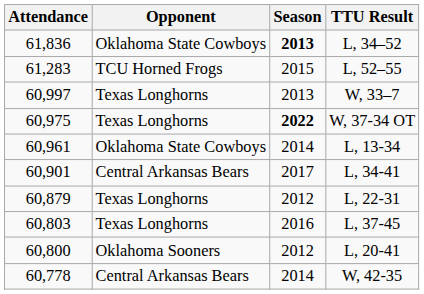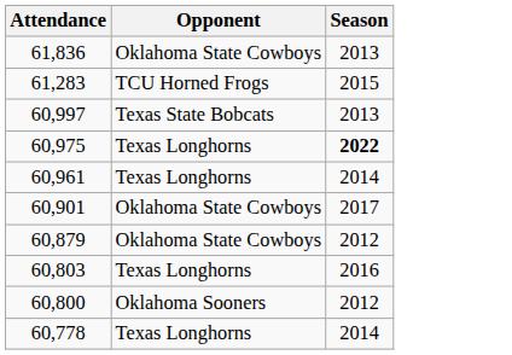 <table class="wikitable sortable">
 <tr>
 <th>Attendance</th>
 <th>Opponent</th>
 <th>Season</th>
-<th>TTU Result</th>
 </tr>
 <tr>
 <td align="center">61,836</td>
 <td>Oklahoma State Cowboys</td>
-<td align="center"><strong>2013</strong></td>
-<td align="center">L, 34–52</td>
+<td align="center">2013</td>
 </tr>
 <tr>
 <td align="center">61,283</td>
 <td>TCU Horned Frogs</td>
 <td align="center">2015</td>
-<td align="center">L, 52–55</td>
 </tr>
 <tr>
 <td align="center">60,997</td>
-<td>Texas Longhorns</td>
+<td>Texas State Bobcats</td>
 <td align="center">2013</td>
-<td align="center">W, 33–7</td>
 </tr>
 <tr>
 <td align="center">60,975</td>
 <td>Texas Longhorns</td>
 <td align="center"><strong>2022</strong></td>
-<td align="center">W, 37-34 OT</td>
 </tr>
 <tr>
 <td align="Center">60,961</td>
-<td>Oklahoma State Cowboys</td>
+<td>Texas Longhorns</td>
 <td align="center">2014</td>
-<td align="center">L, 13-34</td>
 </tr>
 <tr>
 <td align="center">60,901</td>
-<td>Central Arkansas Bears</td>
+<td>Oklahoma State Cowboys</td>
 <td align="center">2017</td>
-<td align="center">L, 34-41</td>
 </tr>
 <tr>
 <td align="center">60,879</td>
-<td>Texas Longhorns</td>
+<td>Oklahoma State Cowboys</td>
 <td align="center">2012</td>
-<td align="center">L, 22-31</td>
 </tr>
 <tr>
 <td align="center">60,803</td>
 <td>Texas Longhorns</td>
 <td align="center">2016</td>
-<td align="center">L, 37-45</td>
 </tr>
 <tr>
 <td align="center">60,800</td>
 <td>Oklahoma Sooners</td>
 <td align="center">2012</td>
-<td align="center">L, 20-41</td>
 </tr>
 <tr>
 <td align="center">60,778</td>
-<td>Central Arkansas Bears</td>
+<td>Texas Longhorns</td>
 <td align="center">2014</td>
-<td align="center">W, 42-35</td>
 </tr>
 </table>
